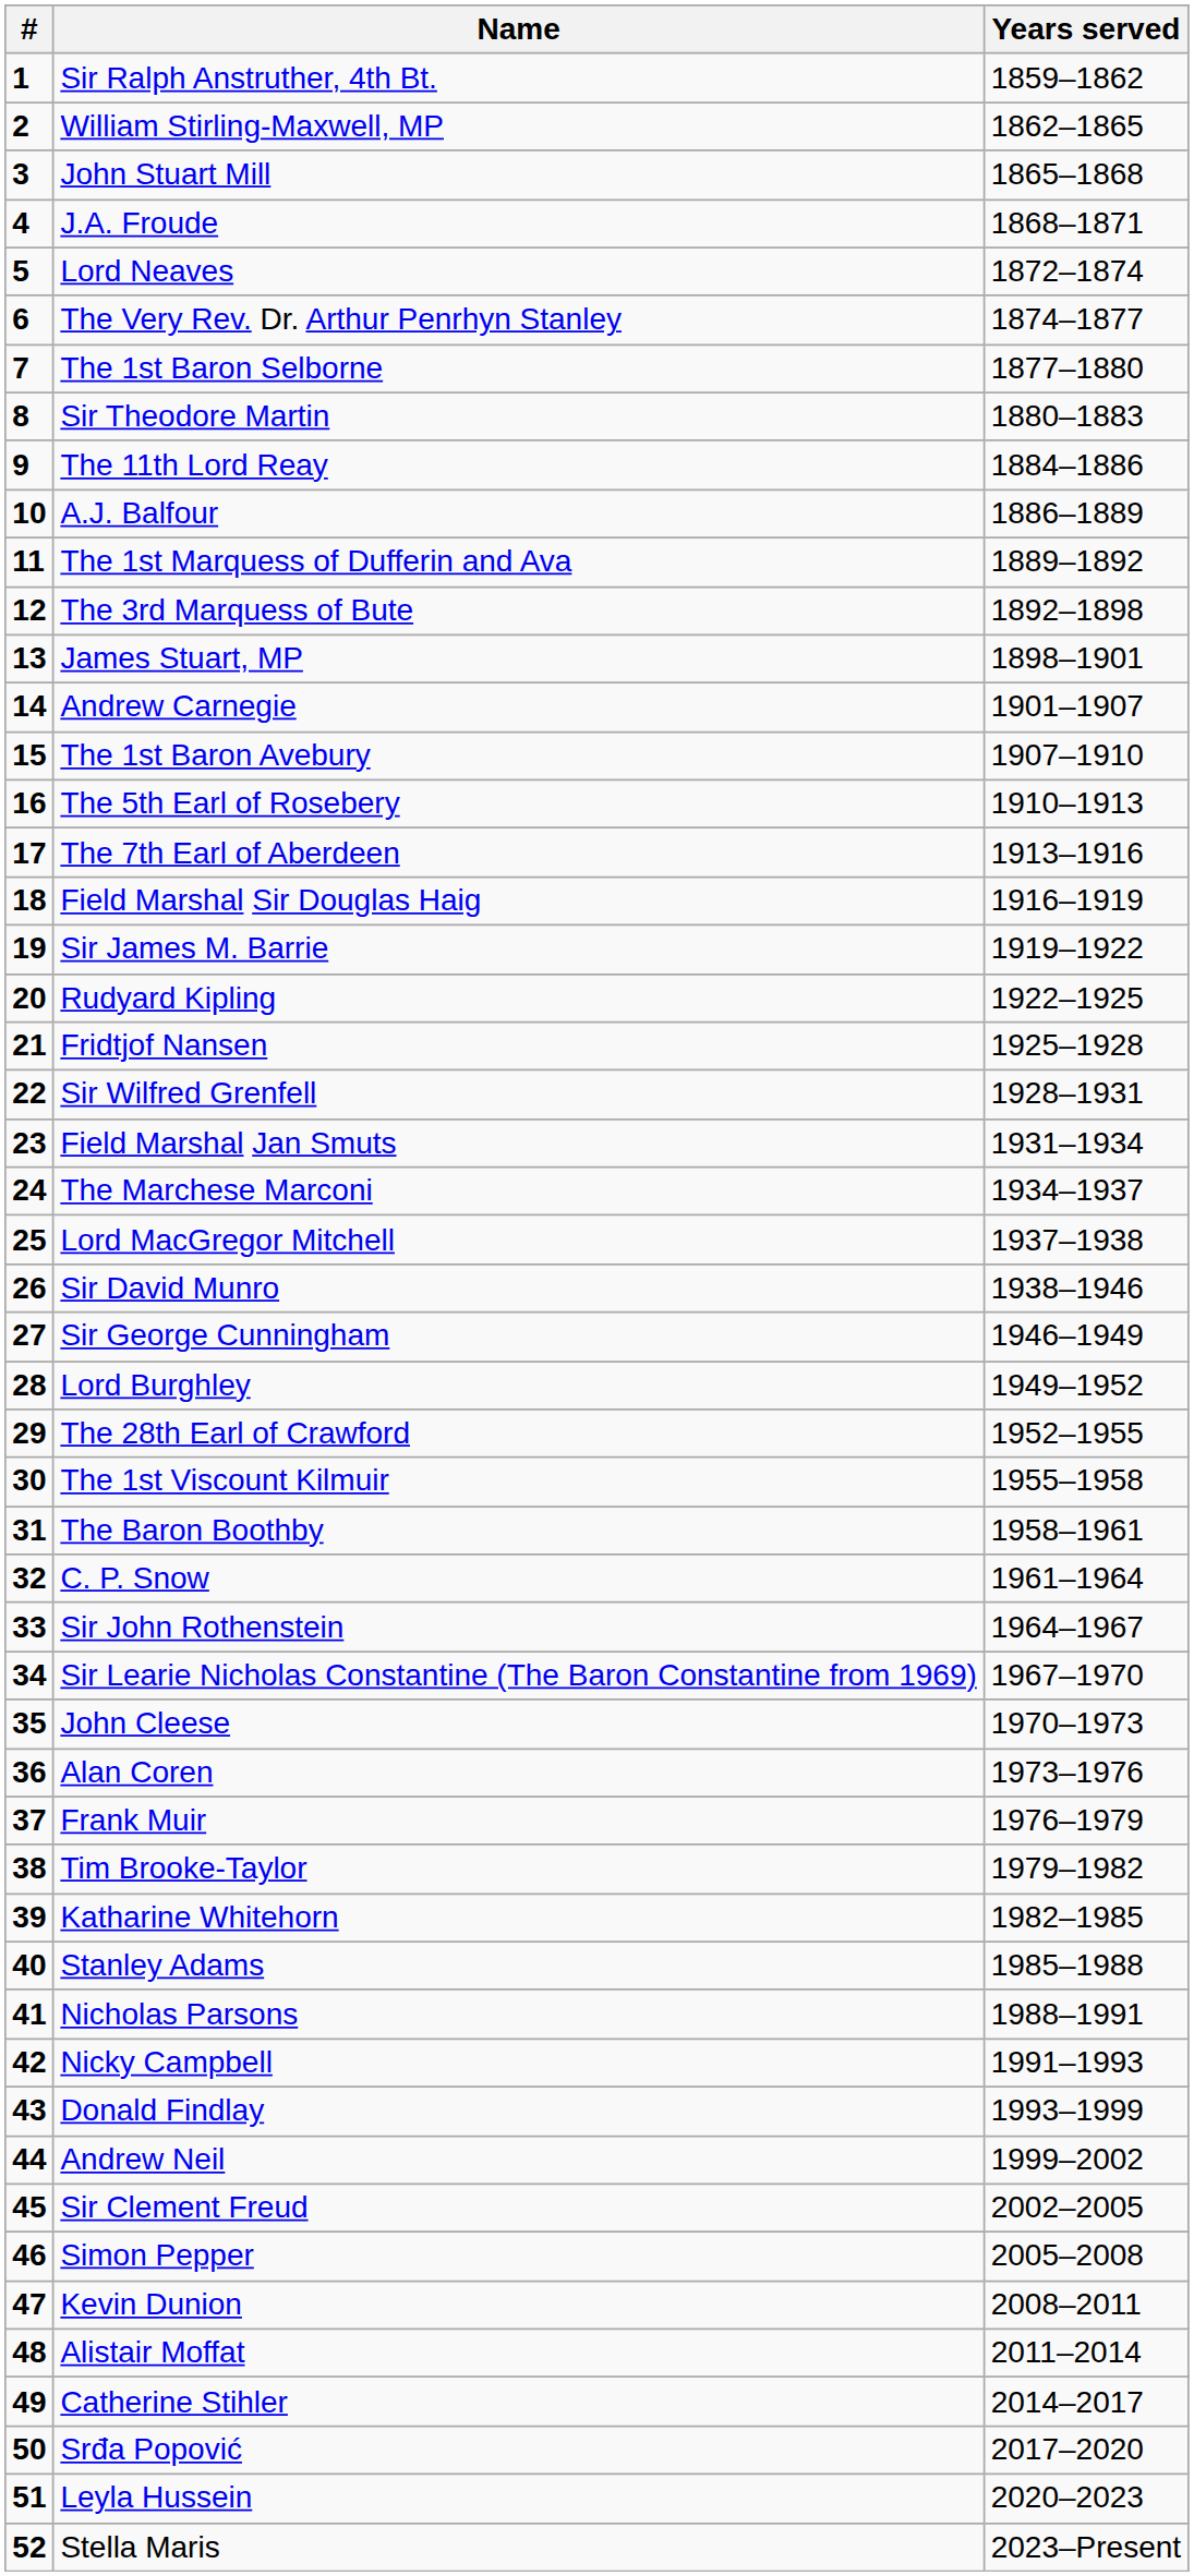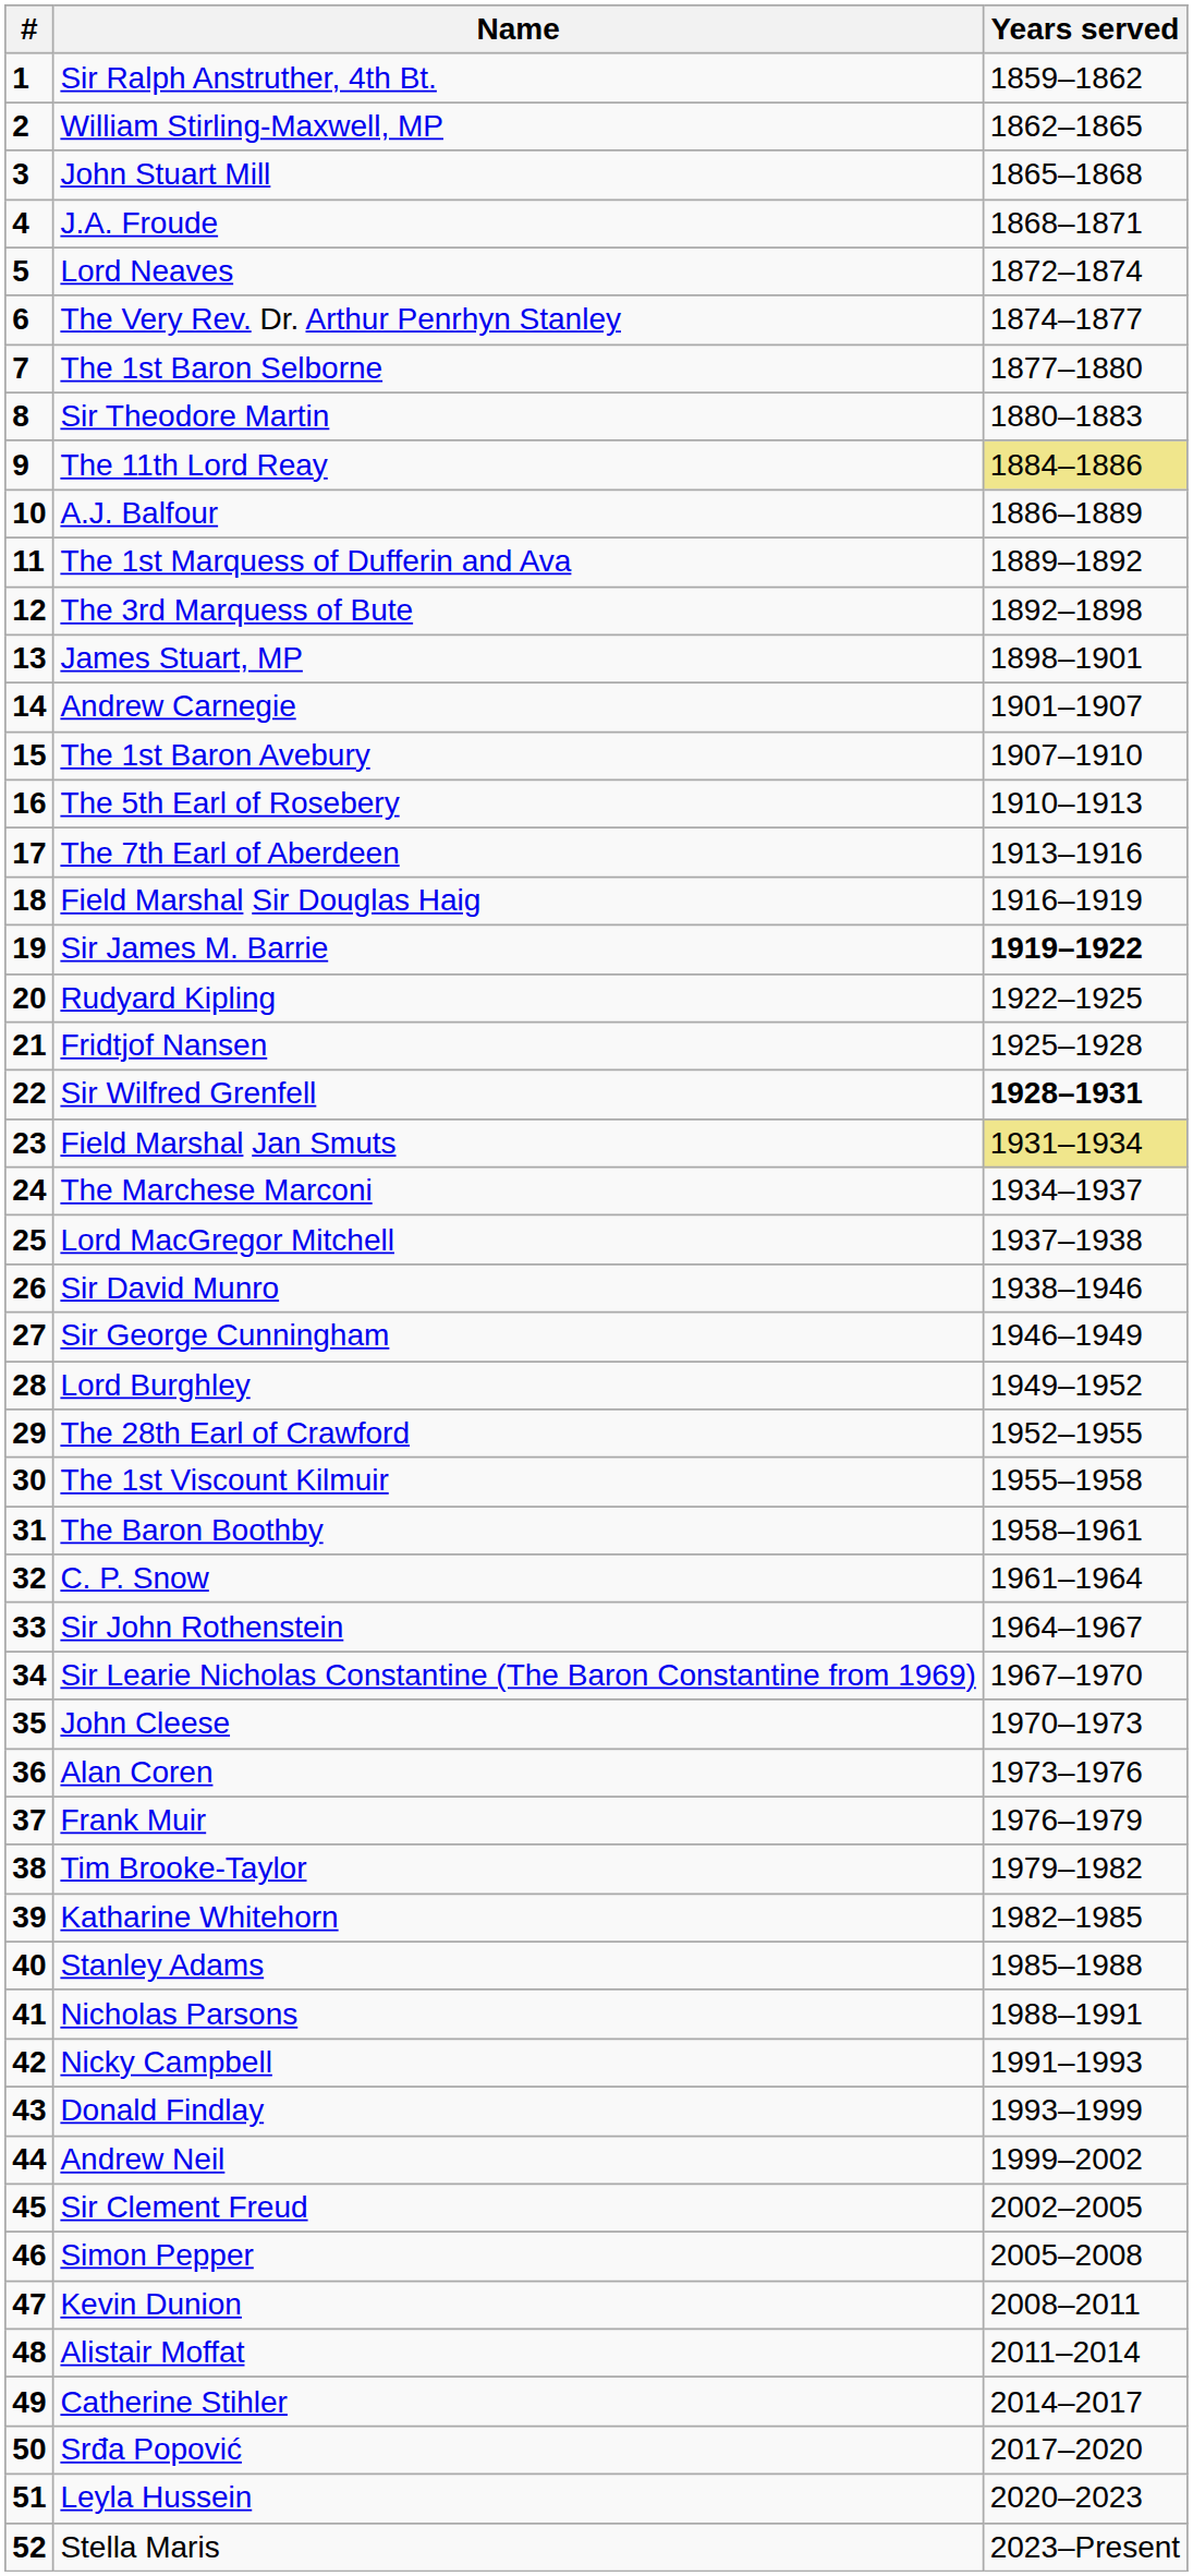 <table class="wikitable">
 <tr>
 <th><strong>#</strong></th>
 <th>Name</th>
 <th>Years served</th>
 </tr>
 <tr>
 <td><strong>1</strong></td>
 <td><a href='#'>Sir Ralph Anstruther, 4th Bt.</a></td>
 <td>1859–1862</td>
 </tr>
 <tr>
 <td><strong>2</strong></td>
 <td><a href='#'>William Stirling-Maxwell, MP</a></td>
 <td>1862–1865</td>
 </tr>
 <tr>
 <td><strong>3</strong></td>
 <td><a href='#'>John Stuart Mill</a></td>
 <td>1865–1868</td>
 </tr>
 <tr>
 <td><strong>4</strong></td>
 <td><a href='#'>J.A. Froude</a></td>
 <td>1868–1871</td>
 </tr>
 <tr>
 <td><strong>5</strong></td>
 <td><a href='#'>Lord Neaves</a></td>
 <td>1872–1874</td>
 </tr>
 <tr>
 <td><strong>6</strong></td>
 <td><a href='#'>The Very Rev.</a> Dr. <a href='#'>Arthur Penrhyn Stanley</a></td>
 <td>1874–1877</td>
 </tr>
 <tr>
 <td><strong>7</strong></td>
 <td><a href='#'>The 1st Baron Selborne</a></td>
 <td>1877–1880</td>
 </tr>
 <tr>
 <td><strong>8</strong></td>
 <td><a href='#'>Sir Theodore Martin</a></td>
 <td>1880–1883</td>
 </tr>
 <tr>
 <td><strong>9</strong></td>
 <td><a href='#'>The 11th Lord Reay</a></td>
-<td>1884–1886</td>
+<td style="background: khaki;">1884–1886</td>
 </tr>
 <tr>
 <td><strong>10</strong></td>
 <td><a href='#'>A.J. Balfour</a></td>
 <td>1886–1889</td>
 </tr>
 <tr>
 <td><strong>11</strong></td>
 <td><a href='#'>The 1st Marquess of Dufferin and Ava</a></td>
 <td>1889–1892</td>
 </tr>
 <tr>
 <td><strong>12</strong></td>
 <td><a href='#'>The 3rd Marquess of Bute</a></td>
 <td>1892–1898</td>
 </tr>
 <tr>
 <td><strong>13</strong></td>
 <td><a href='#'>James Stuart, MP</a></td>
 <td>1898–1901</td>
 </tr>
 <tr>
 <td><strong>14</strong></td>
 <td><a href='#'>Andrew Carnegie</a></td>
 <td>1901–1907</td>
 </tr>
 <tr>
 <td><strong>15</strong></td>
 <td><a href='#'>The 1st Baron Avebury</a></td>
 <td>1907–1910</td>
 </tr>
 <tr>
 <td><strong>16</strong></td>
 <td><a href='#'>The 5th Earl of Rosebery</a></td>
 <td>1910–1913</td>
 </tr>
 <tr>
 <td><strong>17</strong></td>
 <td><a href='#'>The 7th Earl of Aberdeen</a></td>
 <td>1913–1916</td>
 </tr>
 <tr>
 <td><strong>18</strong></td>
 <td><a href='#'>Field Marshal</a> <a href='#'>Sir Douglas Haig</a></td>
 <td>1916–1919</td>
 </tr>
 <tr>
 <td><strong>19</strong></td>
 <td><a href='#'>Sir James M. Barrie</a></td>
-<td>1919–1922</td>
+<td><strong>1919–1922</strong></td>
 </tr>
 <tr>
 <td><strong>20</strong></td>
 <td><a href='#'>Rudyard Kipling</a></td>
 <td>1922–1925</td>
 </tr>
 <tr>
 <td><strong>21</strong></td>
 <td><a href='#'>Fridtjof Nansen</a></td>
 <td>1925–1928</td>
 </tr>
 <tr>
 <td><strong>22</strong></td>
 <td><a href='#'>Sir Wilfred Grenfell</a></td>
-<td>1928–1931</td>
+<td><strong>1928–1931</strong></td>
 </tr>
 <tr>
 <td><strong>23</strong></td>
 <td><a href='#'>Field Marshal</a> <a href='#'>Jan Smuts</a></td>
-<td>1931–1934</td>
+<td style="background: khaki;">1931–1934</td>
 </tr>
 <tr>
 <td><strong>24</strong></td>
 <td><a href='#'>The Marchese Marconi</a></td>
 <td>1934–1937</td>
 </tr>
 <tr>
 <td><strong>25</strong></td>
 <td><a href='#'>Lord MacGregor Mitchell</a></td>
 <td>1937–1938</td>
 </tr>
 <tr>
 <td><strong>26</strong></td>
 <td><a href='#'>Sir David Munro</a></td>
 <td>1938–1946</td>
 </tr>
 <tr>
 <td><strong>27</strong></td>
 <td><a href='#'>Sir George Cunningham</a></td>
 <td>1946–1949</td>
 </tr>
 <tr>
 <td><strong>28</strong></td>
 <td><a href='#'>Lord Burghley</a></td>
 <td>1949–1952</td>
 </tr>
 <tr>
 <td><strong>29</strong></td>
 <td><a href='#'>The 28th Earl of Crawford</a></td>
 <td>1952–1955</td>
 </tr>
 <tr>
 <td><strong>30</strong></td>
 <td><a href='#'>The 1st Viscount Kilmuir</a></td>
 <td>1955–1958</td>
 </tr>
 <tr>
 <td><strong>31</strong></td>
 <td><a href='#'>The Baron Boothby</a></td>
 <td>1958–1961</td>
 </tr>
 <tr>
 <td><strong>32</strong></td>
 <td><a href='#'>C. P. Snow</a></td>
 <td>1961–1964</td>
 </tr>
 <tr>
 <td><strong>33</strong></td>
 <td><a href='#'>Sir John Rothenstein</a></td>
 <td>1964–1967</td>
 </tr>
 <tr>
 <td><strong>34</strong></td>
 <td><a href='#'>Sir Learie Nicholas Constantine (The Baron Constantine from 1969)</a></td>
 <td>1967–1970</td>
 </tr>
 <tr>
 <td><strong>35</strong></td>
 <td><a href='#'>John Cleese</a></td>
 <td>1970–1973</td>
 </tr>
 <tr>
 <td><strong>36</strong></td>
 <td><a href='#'>Alan Coren</a></td>
 <td>1973–1976</td>
 </tr>
 <tr>
 <td><strong>37</strong></td>
 <td><a href='#'>Frank Muir</a></td>
 <td>1976–1979</td>
 </tr>
 <tr>
 <td><strong>38</strong></td>
 <td><a href='#'>Tim Brooke-Taylor</a></td>
 <td>1979–1982</td>
 </tr>
 <tr>
 <td><strong>39</strong></td>
 <td><a href='#'>Katharine Whitehorn</a></td>
 <td>1982–1985</td>
 </tr>
 <tr>
 <td><strong>40</strong></td>
 <td><a href='#'>Stanley Adams</a></td>
 <td>1985–1988</td>
 </tr>
 <tr>
 <td><strong>41</strong></td>
 <td><a href='#'>Nicholas Parsons</a></td>
 <td>1988–1991</td>
 </tr>
 <tr>
 <td><strong>42</strong></td>
 <td><a href='#'>Nicky Campbell</a></td>
 <td>1991–1993</td>
 </tr>
 <tr>
 <td><strong>43</strong></td>
 <td><a href='#'>Donald Findlay</a></td>
 <td>1993–1999</td>
 </tr>
 <tr>
 <td><strong>44</strong></td>
 <td><a href='#'>Andrew Neil</a></td>
 <td>1999–2002</td>
 </tr>
 <tr>
 <td><strong>45</strong></td>
 <td><a href='#'>Sir Clement Freud</a></td>
 <td>2002–2005</td>
 </tr>
 <tr>
 <td><strong>46</strong></td>
 <td><a href='#'>Simon Pepper</a></td>
 <td>2005–2008</td>
 </tr>
 <tr>
 <td><strong>47</strong></td>
 <td><a href='#'>Kevin Dunion</a></td>
 <td>2008–2011</td>
 </tr>
 <tr>
 <td><strong>48</strong></td>
 <td><a href='#'>Alistair Moffat</a></td>
 <td>2011–2014</td>
 </tr>
 <tr>
 <td><strong>49</strong></td>
 <td><a href='#'>Catherine Stihler</a></td>
 <td>2014–2017</td>
 </tr>
 <tr>
 <td><strong>50</strong></td>
 <td><a href='#'>Srđa Popović</a></td>
 <td>2017–2020</td>
 </tr>
 <tr>
 <td><strong>51</strong></td>
 <td><a href='#'>Leyla Hussein</a></td>
 <td>2020–2023</td>
 </tr>
 <tr>
 <td><strong>52</strong></td>
 <td>Stella Maris</td>
 <td>2023–Present</td>
 </tr>
 </table>
